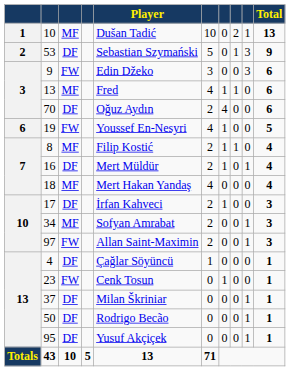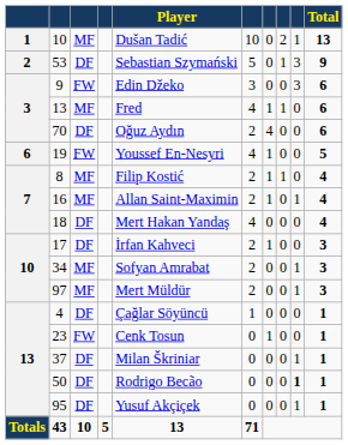 <table class="wikitable" style="text-align:center">
 <tr>
 <th style="background:#163962; color:#FFF000; "></th>
 <th style="background:#163962; color:#FFF000; "></th>
 <th style="background:#163962; color:#FFF000; "></th>
 <th style="background:#163962; color:#FFF000; "></th>
 <th style="background:#163962; color:#FFF000; ">Player</th>
 <th style="background:#163962; color:#FFF000; "></th>
 <th style="background:#163962; color:#FFF000; "></th>
 <th style="background:#163962; color:#FFF000; "></th>
 <th style="background:#163962; color:#FFF000; "></th>
 <th style="background:#163962; color:#FFF000; ">Total</th>
 </tr>
 <tr>
 <th>1</th>
 <td>10</td>
 <td><a href='#'>MF</a></td>
 <td></td>
 <td align=left><a href='#'>Dušan Tadić</a></td>
 <td>10</td>
 <td>0</td>
 <td>2</td>
 <td>1</td>
 <td><strong>13</strong></td>
 </tr>
 <tr>
 <th>2</th>
 <td>53</td>
 <td><a href='#'>DF</a></td>
 <td></td>
 <td align=left><a href='#'>Sebastian Szymański</a></td>
 <td>5</td>
 <td>0</td>
 <td>1</td>
 <td>3</td>
 <td><strong>9</strong></td>
 </tr>
 <tr>
 <th rowspan="3">3</th>
 <td>9</td>
 <td><a href='#'>FW</a></td>
 <td></td>
 <td align=left><a href='#'>Edin Džeko</a></td>
 <td>3</td>
 <td>0</td>
 <td>0</td>
 <td>3</td>
 <td><strong>6</strong></td>
 </tr>
 <tr>
 <td>13</td>
 <td><a href='#'>MF</a></td>
 <td></td>
 <td align=left><a href='#'>Fred</a></td>
 <td>4</td>
 <td>1</td>
 <td>1</td>
 <td>0</td>
 <td><strong>6</strong></td>
 </tr>
 <tr>
 <td>70</td>
 <td><a href='#'>DF</a></td>
 <td></td>
 <td align=left><a href='#'>Oğuz Aydın</a></td>
 <td>2</td>
 <td>4</td>
 <td>0</td>
 <td>0</td>
 <td><strong>6</strong></td>
 </tr>
 <tr>
 <th>6</th>
 <td>19</td>
 <td><a href='#'>FW</a></td>
 <td></td>
 <td align=left><a href='#'>Youssef En-Nesyri</a></td>
 <td>4</td>
 <td>1</td>
 <td>0</td>
 <td>0</td>
 <td><strong>5</strong></td>
 </tr>
 <tr>
 <th rowspan="3">7</th>
 <td>8</td>
 <td><a href='#'>MF</a></td>
 <td></td>
 <td align=left><a href='#'>Filip Kostić</a></td>
 <td>2</td>
 <td>1</td>
 <td>1</td>
 <td>0</td>
 <td><strong>4</strong></td>
 </tr>
 <tr>
 <td>16</td>
-<td><a href='#'>DF</a></td>
+<td><a href='#'>MF</a></td>
 <td></td>
-<td align=left><a href='#'>Mert Müldür</a></td>
+<td align=left><a href='#'>Allan Saint-Maximin</a></td>
 <td>2</td>
 <td>1</td>
 <td>0</td>
 <td>1</td>
 <td><strong>4</strong></td>
 </tr>
 <tr>
 <td>18</td>
-<td><a href='#'>MF</a></td>
+<td><a href='#'>DF</a></td>
 <td></td>
 <td align=left><a href='#'>Mert Hakan Yandaş</a></td>
 <td>4</td>
 <td>0</td>
 <td>0</td>
 <td>0</td>
 <td><strong>4</strong></td>
 </tr>
 <tr>
 <th rowspan="3">10</th>
 <td>17</td>
 <td><a href='#'>DF</a></td>
 <td></td>
 <td align=left><a href='#'>İrfan Kahveci</a></td>
 <td>2</td>
 <td>1</td>
 <td>0</td>
 <td>0</td>
 <td><strong>3</strong></td>
 </tr>
 <tr>
 <td>34</td>
 <td><a href='#'>MF</a></td>
 <td></td>
 <td align=left><a href='#'>Sofyan Amrabat</a></td>
 <td>2</td>
 <td>0</td>
 <td>0</td>
 <td>1</td>
 <td><strong>3</strong></td>
 </tr>
 <tr>
 <td>97</td>
-<td><a href='#'>FW</a></td>
+<td><a href='#'>MF</a></td>
 <td></td>
-<td align=left><a href='#'>Allan Saint-Maximin</a></td>
+<td align=left><a href='#'>Mert Müldür</a></td>
 <td>2</td>
 <td>0</td>
 <td>0</td>
 <td>1</td>
 <td><strong>3</strong></td>
 </tr>
 <tr>
 <th rowspan="5">13</th>
 <td>4</td>
 <td><a href='#'>DF</a></td>
 <td></td>
 <td align=left><a href='#'>Çağlar Söyüncü</a></td>
 <td>1</td>
 <td>0</td>
 <td>0</td>
 <td>0</td>
 <td><strong>1</strong></td>
 </tr>
 <tr>
 <td>23</td>
 <td><a href='#'>FW</a></td>
 <td></td>
 <td align=left><a href='#'>Cenk Tosun</a></td>
 <td>0</td>
 <td>1</td>
 <td>0</td>
 <td>0</td>
 <td><strong>1</strong></td>
 </tr>
 <tr>
 <td>37</td>
 <td><a href='#'>DF</a></td>
 <td></td>
 <td align=left><a href='#'>Milan Škriniar</a></td>
 <td>0</td>
 <td>0</td>
 <td>0</td>
 <td>1</td>
 <td><strong>1</strong></td>
 </tr>
 <tr>
 <td>50</td>
 <td><a href='#'>DF</a></td>
 <td></td>
 <td align=left><a href='#'>Rodrigo Becão</a></td>
 <td>0</td>
 <td>0</td>
 <td>0</td>
-<td>1</td>
+<td><strong>1</strong></td>
 <td><strong>1</strong></td>
 </tr>
 <tr>
 <td>95</td>
 <td><a href='#'>DF</a></td>
 <td></td>
 <td align=left><a href='#'>Yusuf Akçiçek</a></td>
 <td>0</td>
 <td>0</td>
 <td>0</td>
 <td>1</td>
 <td><strong>1</strong></td>
 </tr>
 <tr>
 <td style="background:#163962; color:#FFF000; "><strong>Totals</strong></td>
 <td><strong>43</strong></td>
 <td><strong>10</strong></td>
 <td><strong>5</strong></td>
 <td><strong>13</strong></td>
 <td><strong>71</strong></td>
 </tr>
 </table>
